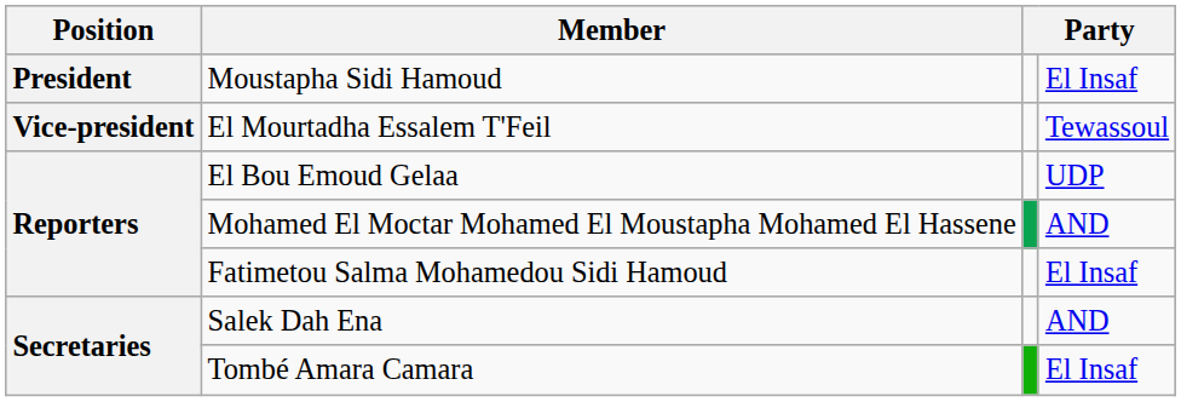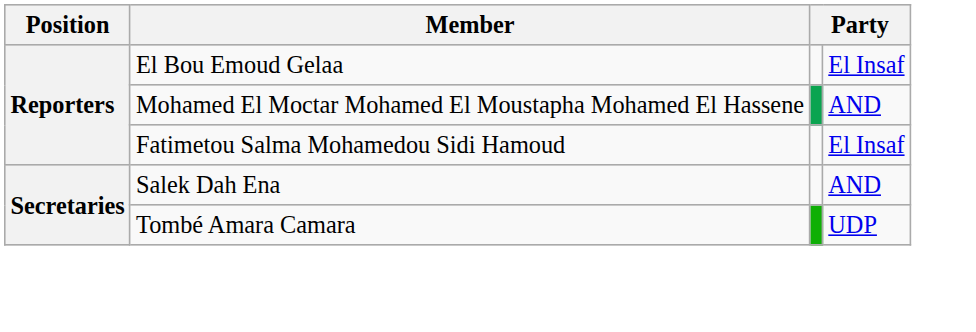 <table class="wikitable" style="text-align:left;font-size:95%;">
 <tr>
 <th>Position</th>
 <th>Member</th>
 <th colspan=2>Party</th>
 </tr>
 <tr>
-<th style="text-align:left;">President</th>
-<td>Moustapha Sidi Hamoud</td>
-<td width="1" style="color:inherit;background:"></td>
-<td style="text-align:left;"><a href='#'>El Insaf</a></td>
-</tr>
-<tr>
-<th style="text-align:left;">Vice-president</th>
-<td>El Mourtadha Essalem T'Feil</td>
-<td width="1" style="color:inherit;background:"></td>
-<td style="text-align:left;"><a href='#'>Tewassoul</a></td>
-</tr>
-<tr>
 <th style="text-align:left;" rowspan=3>Reporters</th>
 <td>El Bou Emoud Gelaa</td>
 <td width="1" style="color:inherit;background:"></td>
-<td style="text-align:left;"><a href='#'>UDP</a></td>
+<td style="text-align:left;"><a href='#'>El Insaf</a></td>
 </tr>
 <tr>
 <td>Mohamed El Moctar Mohamed El Moustapha Mohamed El Hassene</td>
 <td width="1" style="color:inherit;background:#0AA450;"></td>
 <td style="text-align:left;"><a href='#'>AND</a></td>
 </tr>
 <tr>
 <td>Fatimetou Salma Mohamedou Sidi Hamoud</td>
 <td width="1" style="color:inherit;background:"></td>
 <td style="text-align:left;"><a href='#'>El Insaf</a></td>
 </tr>
 <tr>
 <th style="text-align:left;" rowspan=2>Secretaries</th>
 <td>Salek Dah Ena</td>
 <td width="1" style="color:inherit;background:"></td>
 <td style="text-align:left;"><a href='#'>AND</a></td>
 </tr>
 <tr>
 <td>Tombé Amara Camara</td>
 <td width="1" style="color:inherit;background:#0FAF05;"></td>
-<td style="text-align:left;"><a href='#'>El Insaf</a></td>
+<td style="text-align:left;"><a href='#'>UDP</a></td>
 </tr>
 </table>
